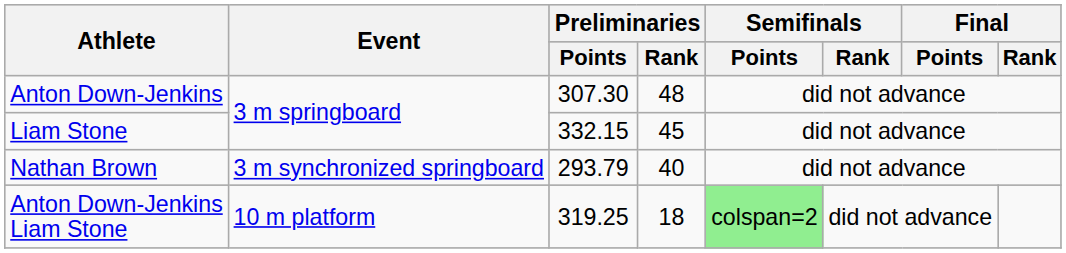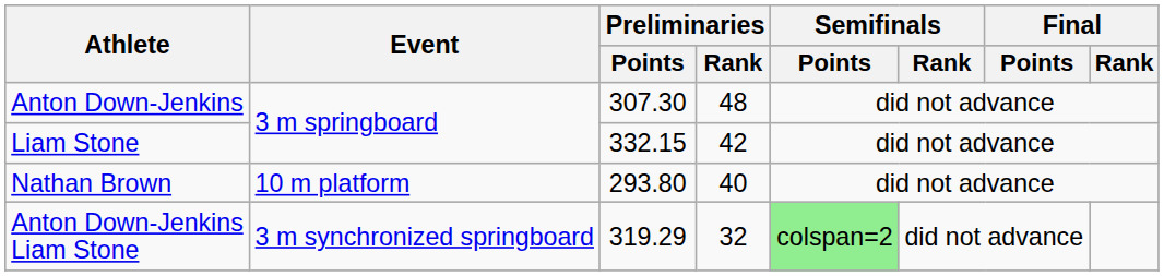 <table class="wikitable" style="text-align:center; font-size:90%">
 <tr>
 <th rowspan="2">Athlete</th>
 <th rowspan="2">Event</th>
 <th colspan="2">Preliminaries</th>
 <th colspan="2">Semifinals</th>
 <th colspan="2">Final</th>
 </tr>
 <tr style="font-size:95%">
 <th>Points</th>
 <th>Rank</th>
 <th>Points</th>
 <th>Rank</th>
 <th>Points</th>
 <th>Rank</th>
 </tr>
 <tr>
 <td align=left><a href='#'>Anton Down-Jenkins</a></td>
 <td align="left" rowspan=2><a href='#'>3 m springboard</a></td>
 <td>307.30</td>
 <td>48</td>
 <td colspan=4>did not advance</td>
 </tr>
 <tr>
 <td align=left><a href='#'>Liam Stone</a></td>
 <td>332.15</td>
-<td>45</td>
+<td>42</td>
 <td colspan=4>did not advance</td>
 </tr>
 <tr>
 <td align=left><a href='#'>Nathan Brown</a></td>
-<td align="left"><a href='#'>3 m synchronized springboard</a></td>
-<td>293.79</td>
+<td align="left"><a href='#'>10 m platform</a></td>
+<td>293.80</td>
 <td>40</td>
 <td colspan=4>did not advance</td>
 </tr>
 <tr>
 <td align="left"><a href='#'>Anton Down-Jenkins</a><br><a href='#'>Liam Stone</a></td>
-<td align="left"><a href='#'>10 m platform</a></td>
-<td>319.25</td>
-<td>18</td>
+<td align="left"><a href='#'>3 m synchronized springboard</a></td>
+<td>319.29</td>
+<td>32</td>
 <td style="background: lightgreen;">colspan=2 </td>
 <td colspan=2>did not advance</td>
 </tr>
 </table>
